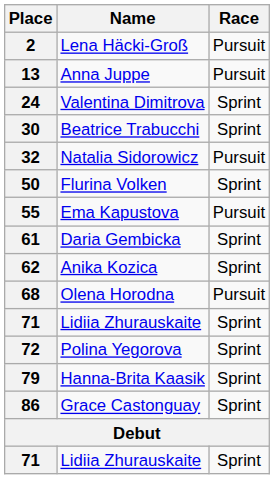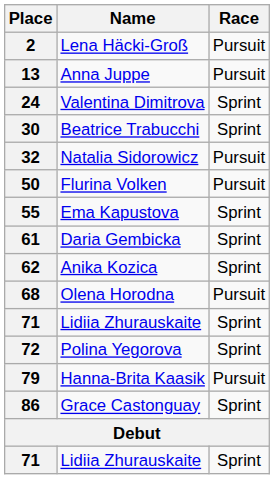 <table class="wikitable plainrowheaders" style="font-size:80%; text-align:center; display:inline-table;">
 <tr>
 <th>Place</th>
 <th>Name</th>
 <th>Race</th>
 </tr>
 <tr>
 <th>2</th>
 <td style="text-align:left"> <a href='#'>Lena Häcki-Groß</a></td>
 <td>Pursuit</td>
 </tr>
 <tr>
 <th>13</th>
 <td style="text-align:left"> <a href='#'>Anna Juppe</a></td>
 <td>Pursuit</td>
 </tr>
 <tr>
 <th>24</th>
 <td style="text-align:left"> <a href='#'>Valentina Dimitrova</a></td>
 <td>Sprint</td>
 </tr>
 <tr>
 <th>30</th>
 <td style="text-align:left"> <a href='#'>Beatrice Trabucchi</a></td>
 <td>Sprint</td>
 </tr>
 <tr>
 <th>32</th>
 <td style="text-align:left"> <a href='#'>Natalia Sidorowicz</a></td>
 <td>Pursuit</td>
 </tr>
 <tr>
 <th>50</th>
 <td style="text-align:left"> <a href='#'>Flurina Volken</a></td>
-<td>Sprint</td>
+<td>Pursuit</td>
 </tr>
 <tr>
 <th>55</th>
 <td style="text-align:left"> <a href='#'>Ema Kapustova</a></td>
-<td>Pursuit</td>
+<td>Sprint</td>
 </tr>
 <tr>
 <th>61</th>
 <td style="text-align:left"> <a href='#'>Daria Gembicka</a></td>
 <td>Sprint</td>
 </tr>
 <tr>
 <th>62</th>
 <td style="text-align:left"> <a href='#'>Anika Kozica</a></td>
 <td>Sprint</td>
 </tr>
 <tr>
 <th>68</th>
 <td style="text-align:left"> <a href='#'>Olena Horodna</a></td>
 <td>Pursuit</td>
 </tr>
 <tr>
 <th>71</th>
 <td style="text-align:left"> <a href='#'>Lidiia Zhurauskaite</a></td>
 <td>Sprint</td>
 </tr>
 <tr>
 <th>72</th>
 <td style="text-align:left"> <a href='#'>Polina Yegorova</a></td>
 <td>Sprint</td>
 </tr>
 <tr>
 <th>79</th>
 <td style="text-align:left"> <a href='#'>Hanna-Brita Kaasik</a></td>
-<td>Sprint</td>
+<td>Pursuit</td>
 </tr>
 <tr>
 <th>86</th>
 <td style="text-align:left"> <a href='#'>Grace Castonguay</a></td>
 <td>Sprint</td>
 </tr>
 <tr>
 <th colspan=4>Debut</th>
 </tr>
 <tr>
 <th>71</th>
 <td style="text-align:left"> <a href='#'>Lidiia Zhurauskaite</a></td>
 <td>Sprint</td>
 </tr>
 </table>
